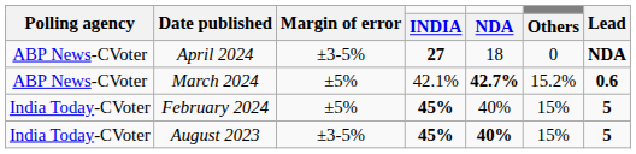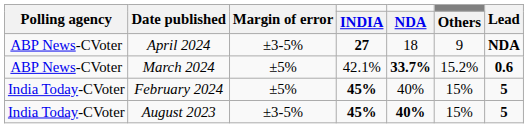 <table class="wikitable sortable" style="text-align:center;font-size:95%;line-height:16px">
 <tr>
 <th rowspan="2">Polling agency</th>
 <th rowspan="2">Date published</th>
 <th rowspan="2">Margin of error</th>
 <td></td>
 <td></td>
 <td bgcolor="grey"></td>
 <th rowspan="2">Lead</th>
 </tr>
 <tr>
 <th><a href='#'>INDIA</a></th>
 <th><a href='#'>NDA</a></th>
 <th>Others</th>
 </tr>
 <tr>
 <td><a href='#'>ABP News</a>-CVoter</td>
 <td><em>April 2024</em></td>
 <td>±3-5%</td>
 <td><strong>27</strong></td>
 <td>18</td>
-<td>0</td>
+<td>9</td>
 <td bgcolor=><strong>NDA</strong></td>
 </tr>
 <tr>
 <td><a href='#'>ABP News</a>-CVoter</td>
 <td><em>March 2024</em></td>
 <td>±5%</td>
 <td>42.1%</td>
-<td><strong>42.7%</strong></td>
+<td><strong>33.7%</strong></td>
 <td>15.2%</td>
 <td><strong>0.6</strong></td>
 </tr>
 <tr>
 <td><a href='#'>India Today</a>-CVoter</td>
 <td><em>February 2024</em></td>
 <td>±5%</td>
 <td><strong>45%</strong></td>
 <td>40%</td>
 <td>15%</td>
 <td><strong>5</strong></td>
 </tr>
 <tr>
 <td><a href='#'>India Today</a>-CVoter</td>
 <td><em>August 2023</em></td>
 <td>±3-5%</td>
 <td><strong>45%</strong></td>
 <td><strong>40%</strong></td>
 <td>15%</td>
 <td><strong>5</strong></td>
 </tr>
 </table>
